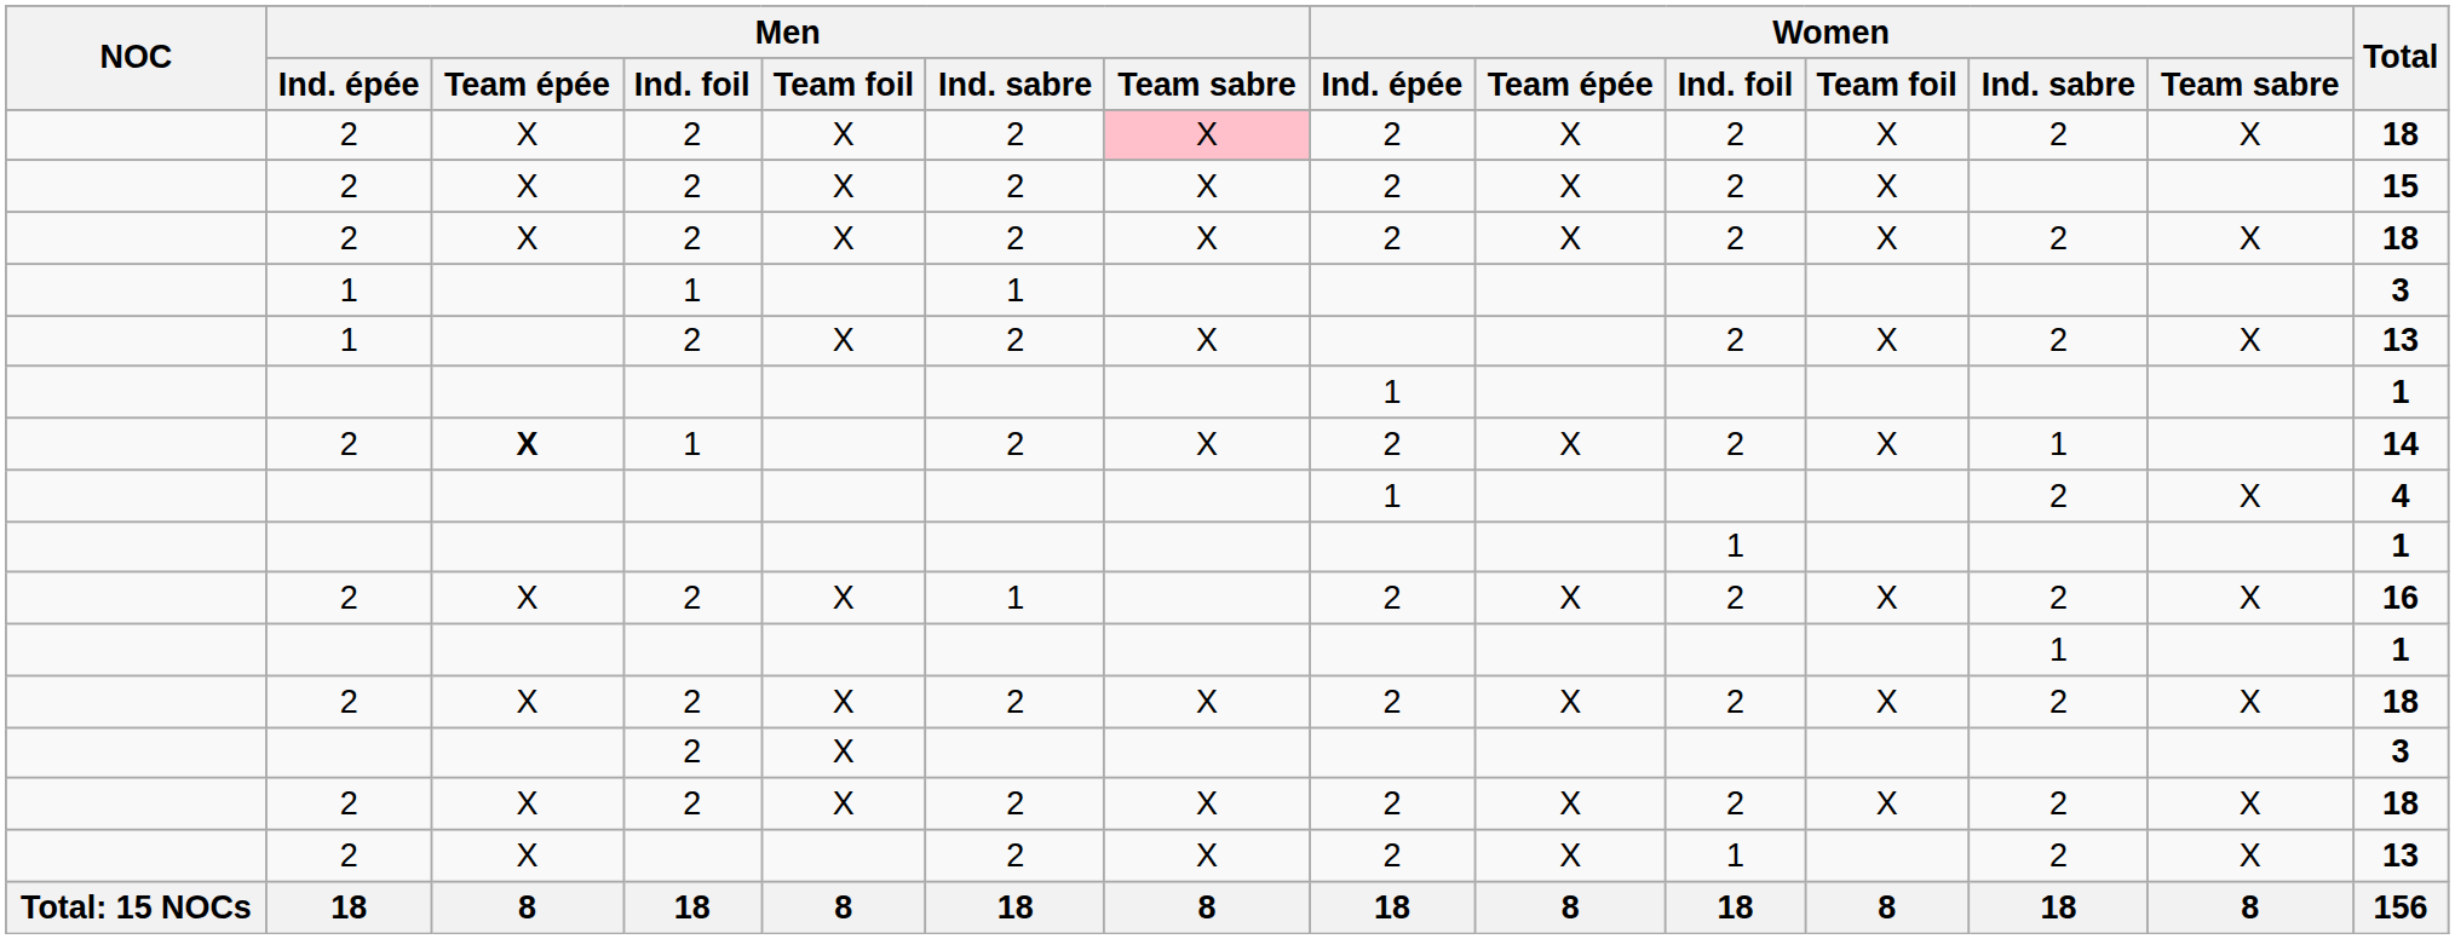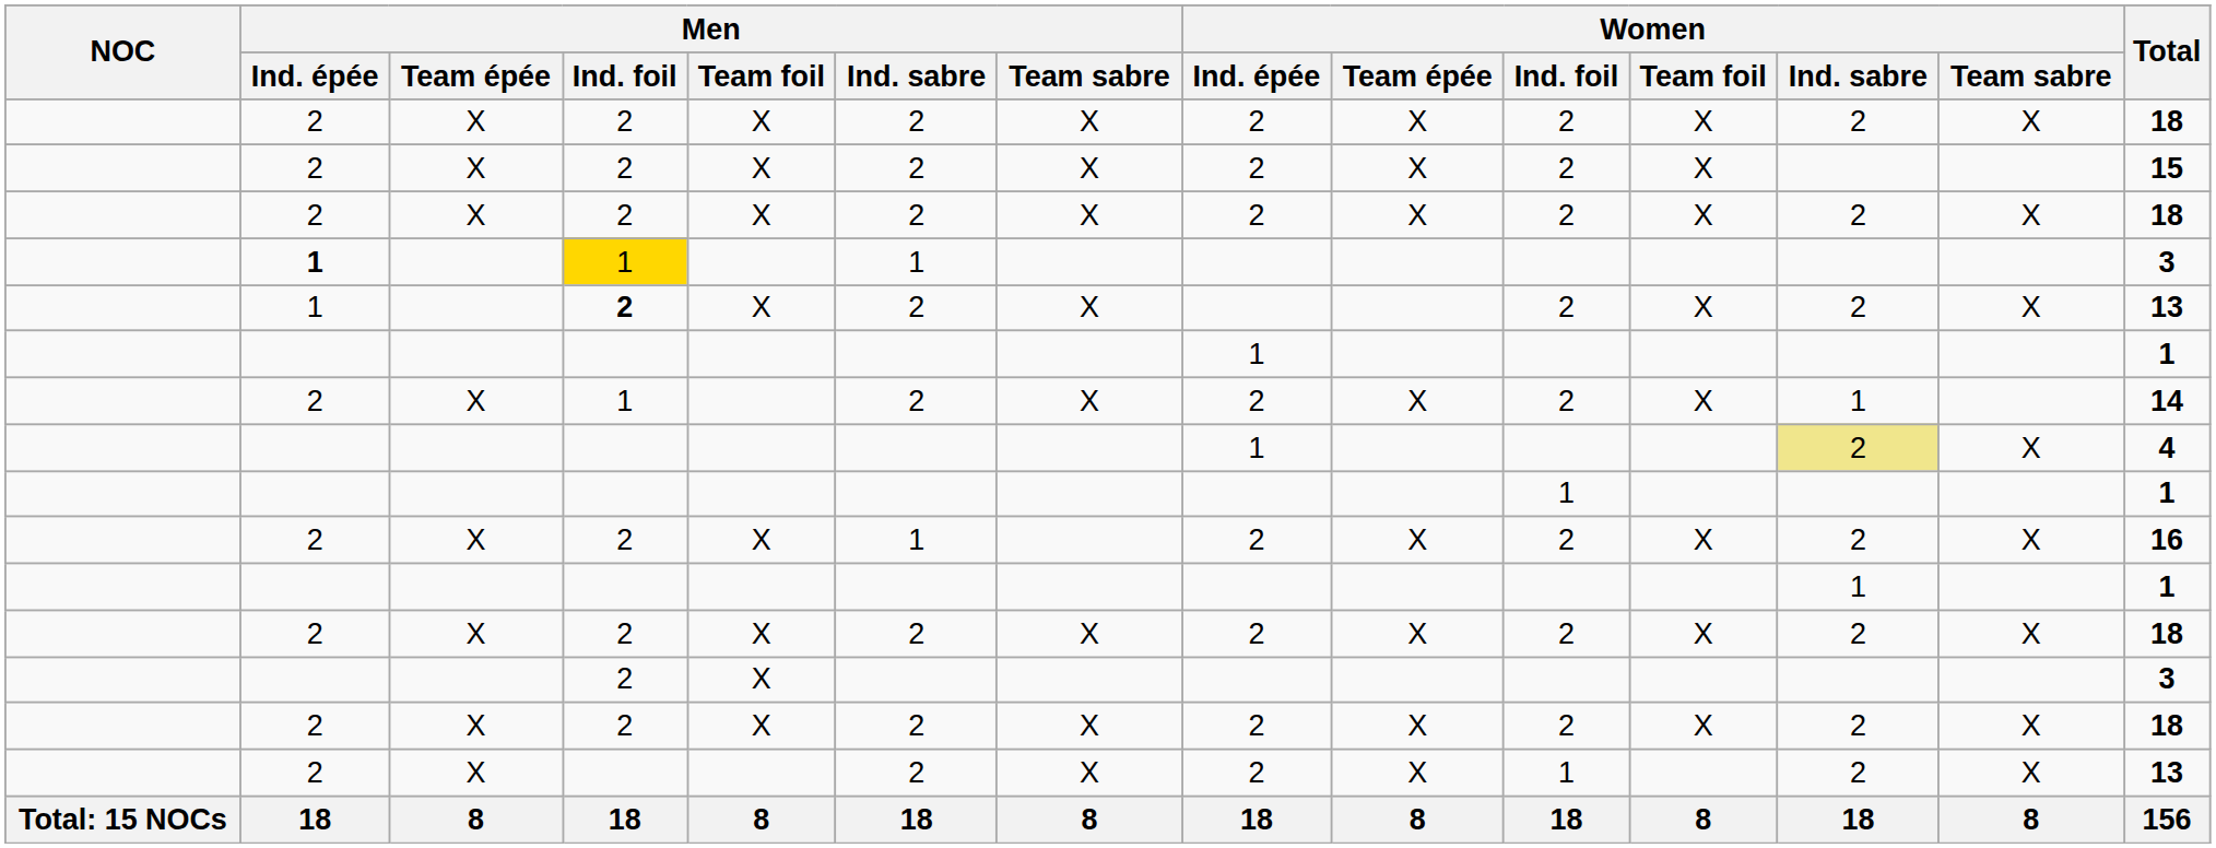 <table class="wikitable" width=1080 style="text-align:center; font-size:90%">
 <tr>
 <th rowspan="2" align="left">NOC</th>
 <th colspan="6">Men</th>
 <th colspan="6">Women</th>
 <th rowspan="2">Total</th>
 </tr>
 <tr>
 <th>Ind. épée</th>
 <th>Team épée</th>
 <th>Ind. foil</th>
 <th>Team foil</th>
 <th>Ind. sabre</th>
 <th>Team sabre</th>
 <th>Ind. épée</th>
 <th>Team épée</th>
 <th>Ind. foil</th>
 <th>Team foil</th>
 <th>Ind. sabre</th>
 <th>Team sabre</th>
 </tr>
 <tr>
 <td style="text-align:left;"></td>
 <td>2</td>
 <td>X</td>
 <td>2</td>
 <td>X</td>
 <td>2</td>
-<td style="background: pink;">X</td>
+<td>X</td>
 <td>2</td>
 <td>X</td>
 <td>2</td>
 <td>X</td>
 <td>2</td>
 <td>X</td>
 <td><strong>18</strong></td>
 </tr>
 <tr>
 <td style="text-align:left;"></td>
 <td>2</td>
 <td>X</td>
 <td>2</td>
 <td>X</td>
 <td>2</td>
 <td>X</td>
 <td>2</td>
 <td>X</td>
 <td>2</td>
 <td>X</td>
 <td></td>
 <td></td>
 <td><strong>15</strong></td>
 </tr>
 <tr>
 <td style="text-align:left;"></td>
 <td>2</td>
 <td>X</td>
 <td>2</td>
 <td>X</td>
 <td>2</td>
 <td>X</td>
 <td>2</td>
 <td>X</td>
 <td>2</td>
 <td>X</td>
 <td>2</td>
 <td>X</td>
 <td><strong>18</strong></td>
 </tr>
 <tr>
 <td style="text-align:left;"></td>
-<td>1</td>
+<td><strong>1</strong></td>
 <td></td>
-<td>1</td>
+<td style="background: gold;">1</td>
 <td></td>
 <td>1</td>
 <td></td>
 <td></td>
 <td></td>
 <td></td>
 <td></td>
 <td></td>
 <td></td>
 <td><strong>3</strong></td>
 </tr>
 <tr>
 <td style="text-align:left;"></td>
 <td>1</td>
 <td></td>
-<td>2</td>
+<td><strong>2</strong></td>
 <td>X</td>
 <td>2</td>
 <td>X</td>
 <td></td>
 <td></td>
 <td>2</td>
 <td>X</td>
 <td>2</td>
 <td>X</td>
 <td><strong>13</strong></td>
 </tr>
 <tr>
 <td style="text-align:left;"></td>
 <td></td>
 <td></td>
 <td></td>
 <td></td>
 <td></td>
 <td></td>
 <td>1</td>
 <td></td>
 <td></td>
 <td></td>
 <td></td>
 <td></td>
 <td><strong>1</strong></td>
 </tr>
 <tr>
 <td style="text-align:left;"></td>
 <td>2</td>
-<td><strong>X</strong></td>
+<td>X</td>
 <td>1</td>
 <td></td>
 <td>2</td>
 <td>X</td>
 <td>2</td>
 <td>X</td>
 <td>2</td>
 <td>X</td>
 <td>1</td>
 <td></td>
 <td><strong>14</strong></td>
 </tr>
 <tr>
 <td style="text-align:left;"></td>
 <td></td>
 <td></td>
 <td></td>
 <td></td>
 <td></td>
 <td></td>
 <td>1</td>
 <td></td>
 <td></td>
 <td></td>
-<td>2</td>
+<td style="background: khaki;">2</td>
 <td>X</td>
 <td><strong>4</strong></td>
 </tr>
 <tr>
 <td style="text-align:left;"></td>
 <td></td>
 <td></td>
 <td></td>
 <td></td>
 <td></td>
 <td></td>
 <td></td>
 <td></td>
 <td>1</td>
 <td></td>
 <td></td>
 <td></td>
 <td><strong>1</strong></td>
 </tr>
 <tr>
 <td style="text-align:left;"></td>
 <td>2</td>
 <td>X</td>
 <td>2</td>
 <td>X</td>
 <td>1</td>
 <td></td>
 <td>2</td>
 <td>X</td>
 <td>2</td>
 <td>X</td>
 <td>2</td>
 <td>X</td>
 <td><strong>16</strong></td>
 </tr>
 <tr>
 <td style="text-align:left;"></td>
 <td></td>
 <td></td>
 <td></td>
 <td></td>
 <td></td>
 <td></td>
 <td></td>
 <td></td>
 <td></td>
 <td></td>
 <td>1</td>
 <td></td>
 <td><strong>1</strong></td>
 </tr>
 <tr>
 <td style="text-align:left;"></td>
 <td>2</td>
 <td>X</td>
 <td>2</td>
 <td>X</td>
 <td>2</td>
 <td>X</td>
 <td>2</td>
 <td>X</td>
 <td>2</td>
 <td>X</td>
 <td>2</td>
 <td>X</td>
 <td><strong>18</strong></td>
 </tr>
 <tr>
 <td style="text-align:left;"></td>
 <td></td>
 <td></td>
 <td>2</td>
 <td>X</td>
 <td></td>
 <td></td>
 <td></td>
 <td></td>
 <td></td>
 <td></td>
 <td></td>
 <td></td>
 <td><strong>3</strong></td>
 </tr>
 <tr>
 <td style="text-align:left;"></td>
 <td>2</td>
 <td>X</td>
 <td>2</td>
 <td>X</td>
 <td>2</td>
 <td>X</td>
 <td>2</td>
 <td>X</td>
 <td>2</td>
 <td>X</td>
 <td>2</td>
 <td>X</td>
 <td><strong>18</strong></td>
 </tr>
 <tr>
 <td style="text-align:left;"></td>
 <td>2</td>
 <td>X</td>
 <td></td>
 <td></td>
 <td>2</td>
 <td>X</td>
 <td>2</td>
 <td>X</td>
 <td>1</td>
 <td></td>
 <td>2</td>
 <td>X</td>
 <td><strong>13</strong></td>
 </tr>
 <tr>
 <th>Total: 15 NOCs</th>
 <th>18</th>
 <th>8</th>
 <th>18</th>
 <th>8</th>
 <th>18</th>
 <th>8</th>
 <th>18</th>
 <th>8</th>
 <th>18</th>
 <th>8</th>
 <th>18</th>
 <th>8</th>
 <th>156</th>
 </tr>
 </table>
